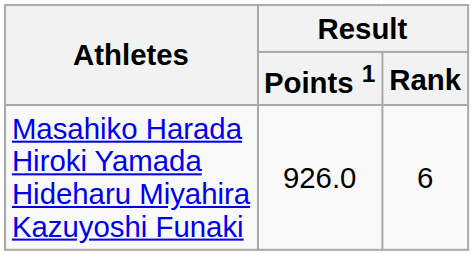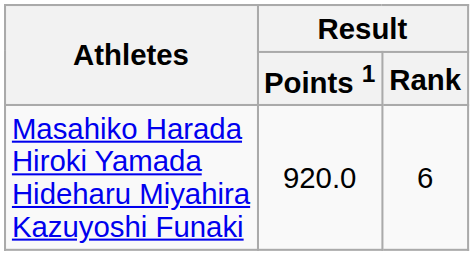 <table class="wikitable" border="1" style="font-size:90%">
 <tr>
 <th rowspan=2>Athletes</th>
 <th colspan=2>Result</th>
 </tr>
 <tr>
 <th>Points <sup>1</sup></th>
 <th>Rank</th>
 </tr>
 <tr>
 <td><a href='#'>Masahiko Harada</a><br><a href='#'>Hiroki Yamada</a><br><a href='#'>Hideharu Miyahira</a><br><a href='#'>Kazuyoshi Funaki</a></td>
-<td align=center>926.0</td>
+<td align=center>920.0</td>
 <td align=center>6</td>
 </tr>
 </table>
